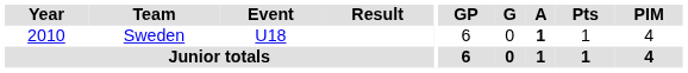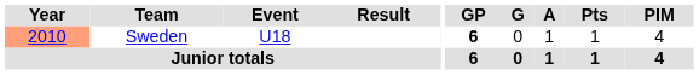 <table border="0" cellpadding="1" cellspacing="0" ID="Table3" style="text-align:center; width:40em">
 <tr ALIGN="center" bgcolor="#e0e0e0">
 <th>Year</th>
 <th>Team</th>
 <th>Event</th>
 <th>Result</th>
 <th rowspan="99" bgcolor="#ffffff"></th>
 <th>GP</th>
 <th>G</th>
 <th>A</th>
 <th>Pts</th>
 <th>PIM</th>
 </tr>
 <tr ALIGN="center">
-<td><a href='#'>2010</a></td>
+<td style="background: lightsalmon;"><a href='#'>2010</a></td>
 <td><a href='#'>Sweden</a></td>
 <td><a href='#'>U18</a></td>
 <td></td>
-<td>6</td>
+<td><strong>6</strong></td>
 <td>0</td>
-<td><strong>1</strong></td>
+<td>1</td>
 <td>1</td>
 <td>4</td>
 </tr>
 <tr bgcolor="#e0e0e0">
 <th colspan="4">Junior totals</th>
 <th>6</th>
 <th>0</th>
 <th>1</th>
 <th>1</th>
 <th>4</th>
 </tr>
 </table>
